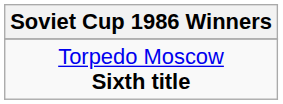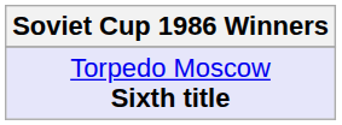 <table class="wikitable" style="text-align: center; margin: 0 auto;">
 <tr>
 <th>Soviet Cup 1986 Winners</th>
 </tr>
 <tr>
 </tr>
 <tr>
-<td><a href='#'>Torpedo Moscow</a><br><strong>Sixth title</strong></td>
+<td style="background: lavender;"><a href='#'>Torpedo Moscow</a><br><strong>Sixth title</strong></td>
 </tr>
 </table>
